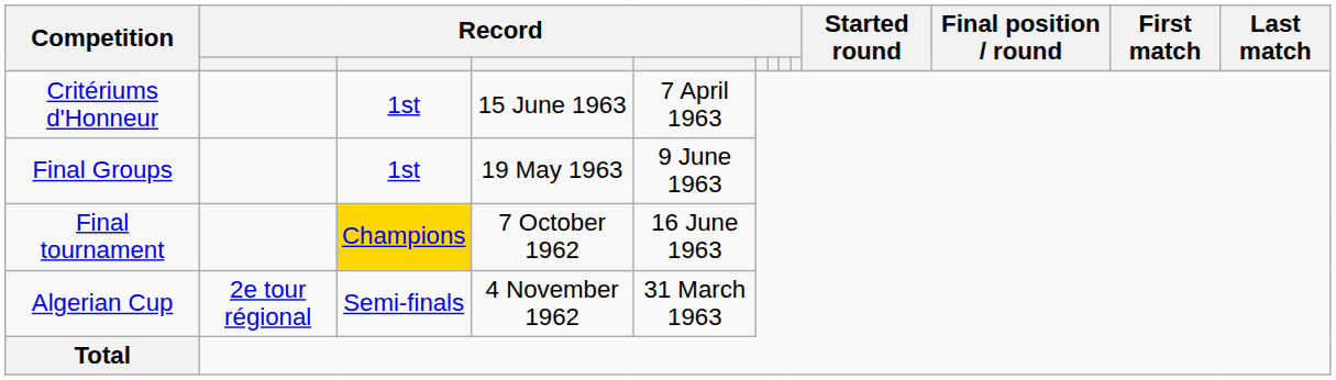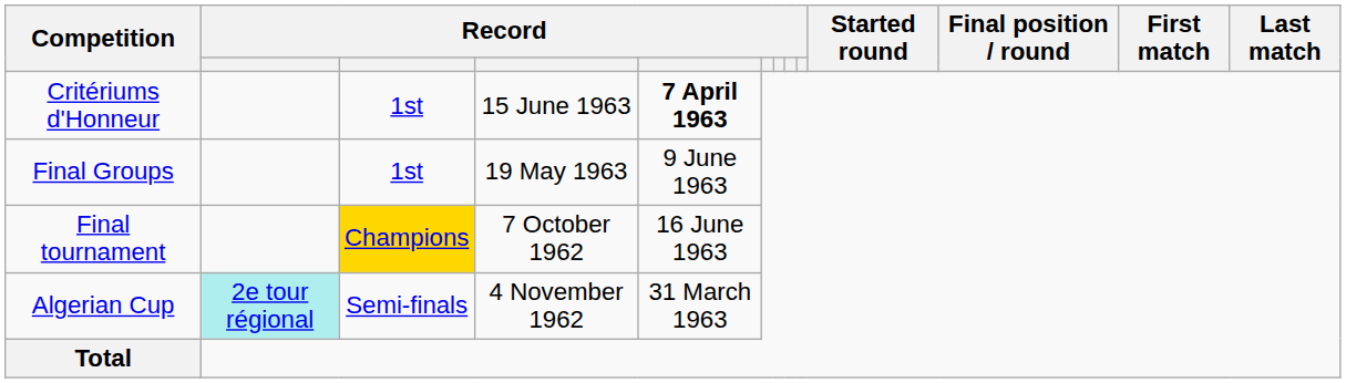 <table class="wikitable" style="text-align: center">
 <tr>
 <th rowspan=2>Competition</th>
 <th colspan=8>Record</th>
 <th rowspan=2>Started round</th>
 <th rowspan=2>Final position / round</th>
 <th rowspan=2>First match</th>
 <th rowspan=2>Last match</th>
 </tr>
 <tr>
 <th></th>
 <th></th>
 <th></th>
 <th></th>
 <th></th>
 <th></th>
 <th></th>
 <th></th>
 </tr>
 <tr>
 <td><a href='#'>Critériums d'Honneur</a><br></td>
 <td></td>
 <td><a href='#'>1st</a></td>
 <td>15 June 1963</td>
-<td>7 April 1963</td>
+<td><strong>7 April 1963</strong></td>
 </tr>
 <tr>
 <td><a href='#'>Final Groups</a><br></td>
 <td></td>
 <td><a href='#'>1st</a></td>
 <td>19 May 1963</td>
 <td>9 June 1963</td>
 </tr>
 <tr>
 <td><a href='#'>Final tournament</a><br></td>
 <td></td>
 <td style="background:gold;"><a href='#'>Champions</a></td>
 <td>7 October 1962</td>
 <td>16 June  1963</td>
 </tr>
 <tr>
 <td><a href='#'>Algerian Cup</a><br></td>
-<td><a href='#'>2e tour régional</a></td>
+<td style="background: paleturquoise;"><a href='#'>2e tour régional</a></td>
 <td><a href='#'>Semi-finals</a></td>
 <td>4 November 1962</td>
 <td>31 March 1963</td>
 </tr>
 <tr>
 <th>Total<br></th>
 </tr>
 </table>
